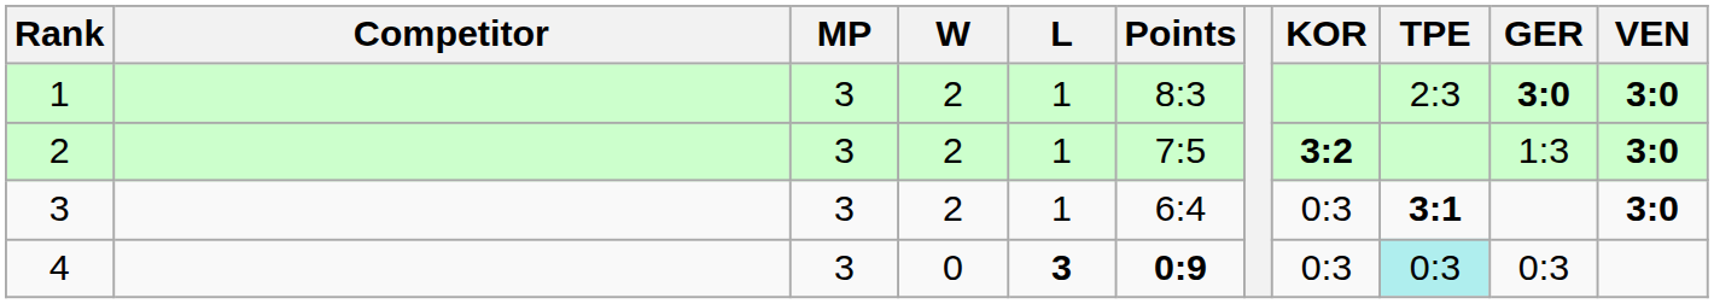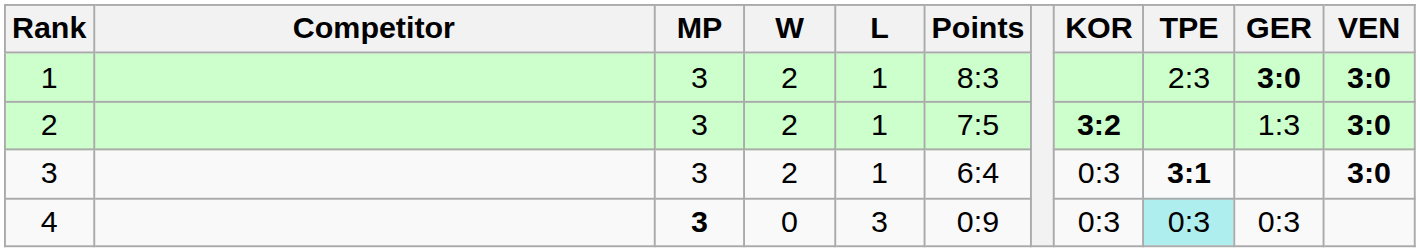 <table class="wikitable" style="text-align:center">
 <tr>
 <th>Rank</th>
 <th style="width:18em">Competitor</th>
 <th style="width:2.5em">MP</th>
 <th style="width:2.5em">W</th>
 <th style="width:2.5em">L</th>
 <th>Points</th>
 <th rowspan="5"> </th>
 <th style="width:2.5em">KOR</th>
 <th style="width:2.5em">TPE</th>
 <th style="width:2.5em">GER</th>
 <th style="width:2.5em">VEN</th>
 </tr>
 <tr style="background:#cfc;">
 <td>1</td>
 <td style="text-align:left"></td>
 <td>3</td>
 <td>2</td>
 <td>1</td>
 <td>8:3</td>
 <td></td>
 <td>2:3</td>
 <td><strong>3:0</strong></td>
 <td><strong>3:0</strong></td>
 </tr>
 <tr style="background:#cfc;">
 <td>2</td>
 <td style="text-align:left"></td>
 <td>3</td>
 <td>2</td>
 <td>1</td>
 <td>7:5</td>
 <td><strong>3:2</strong></td>
 <td></td>
 <td>1:3</td>
 <td><strong>3:0</strong></td>
 </tr>
 <tr>
 <td>3</td>
 <td style="text-align:left"></td>
 <td>3</td>
 <td>2</td>
 <td>1</td>
 <td>6:4</td>
 <td>0:3</td>
 <td><strong>3:1</strong></td>
 <td></td>
 <td><strong>3:0</strong></td>
 </tr>
 <tr>
 <td>4</td>
 <td style="text-align:left"></td>
+<td><strong>3</strong></td>
+<td>0</td>
 <td>3</td>
-<td>0</td>
-<td><strong>3</strong></td>
-<td><strong>0:9</strong></td>
+<td>0:9</td>
 <td>0:3</td>
 <td style="background: paleturquoise;">0:3</td>
 <td>0:3</td>
 <td></td>
 </tr>
 </table>
